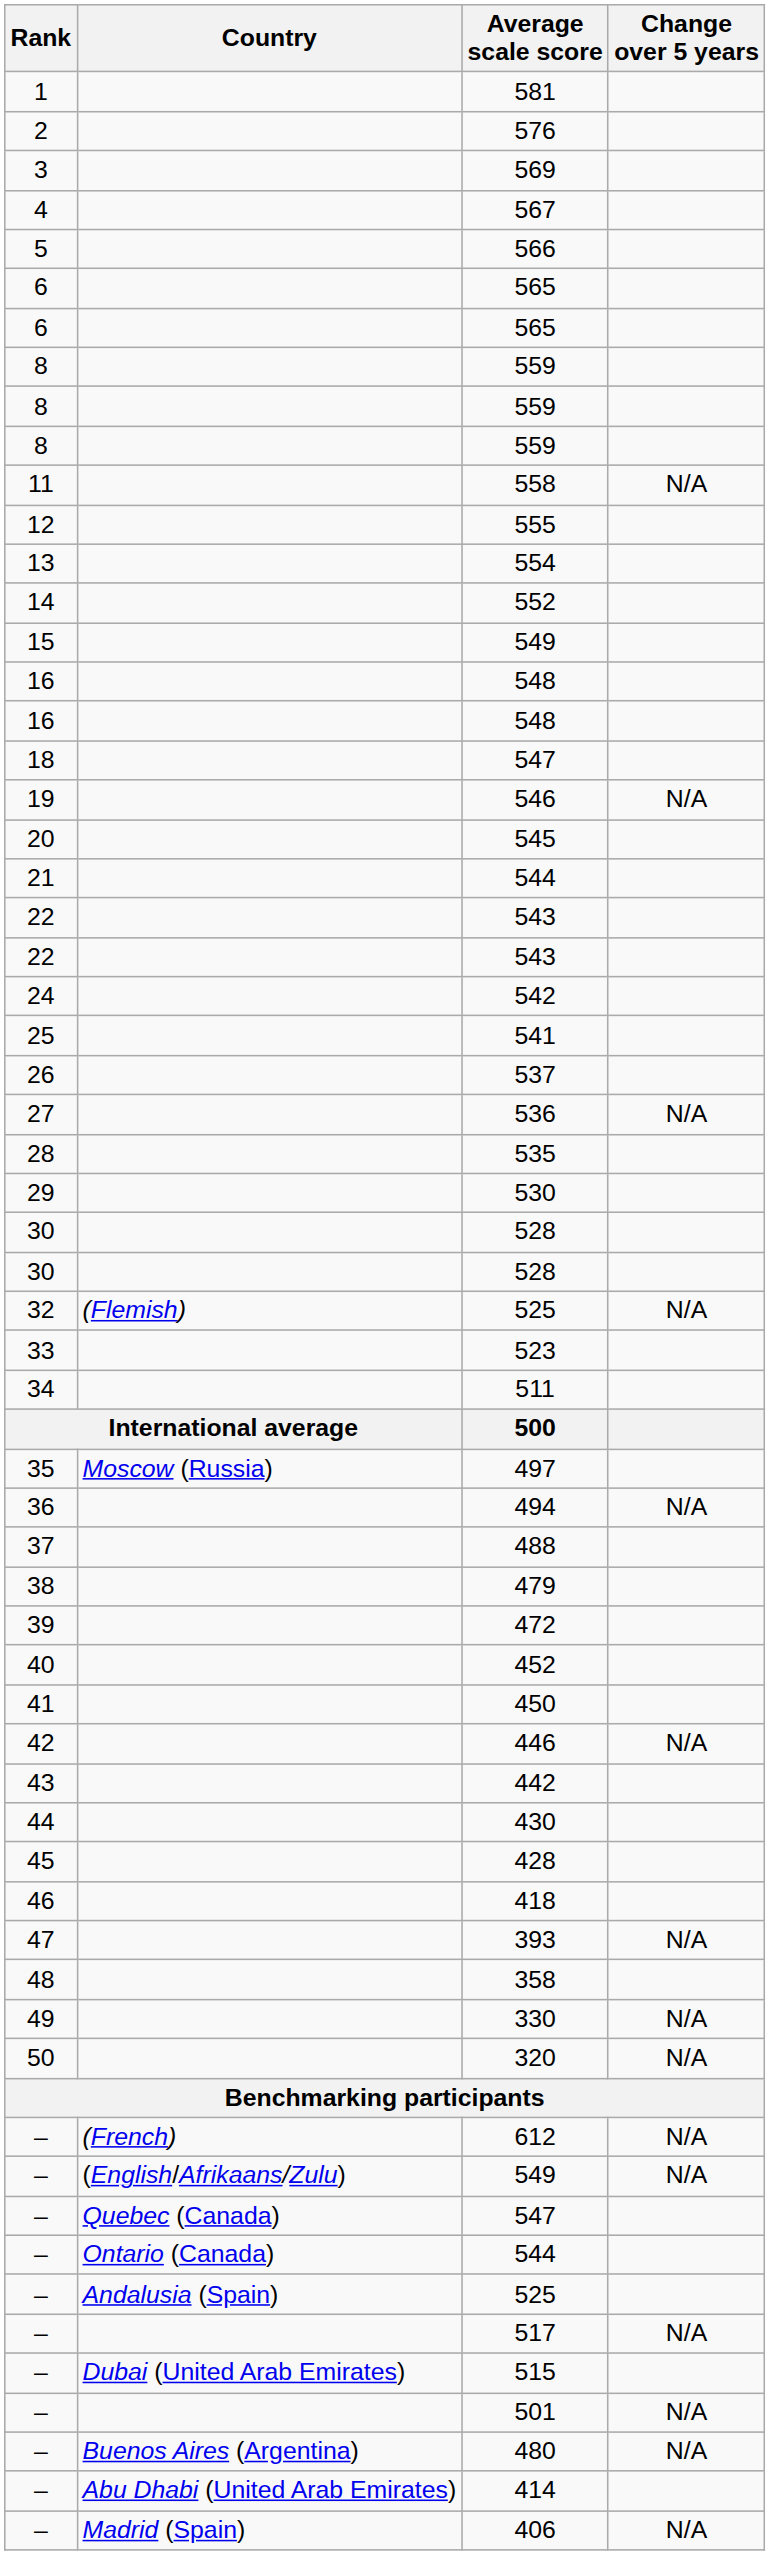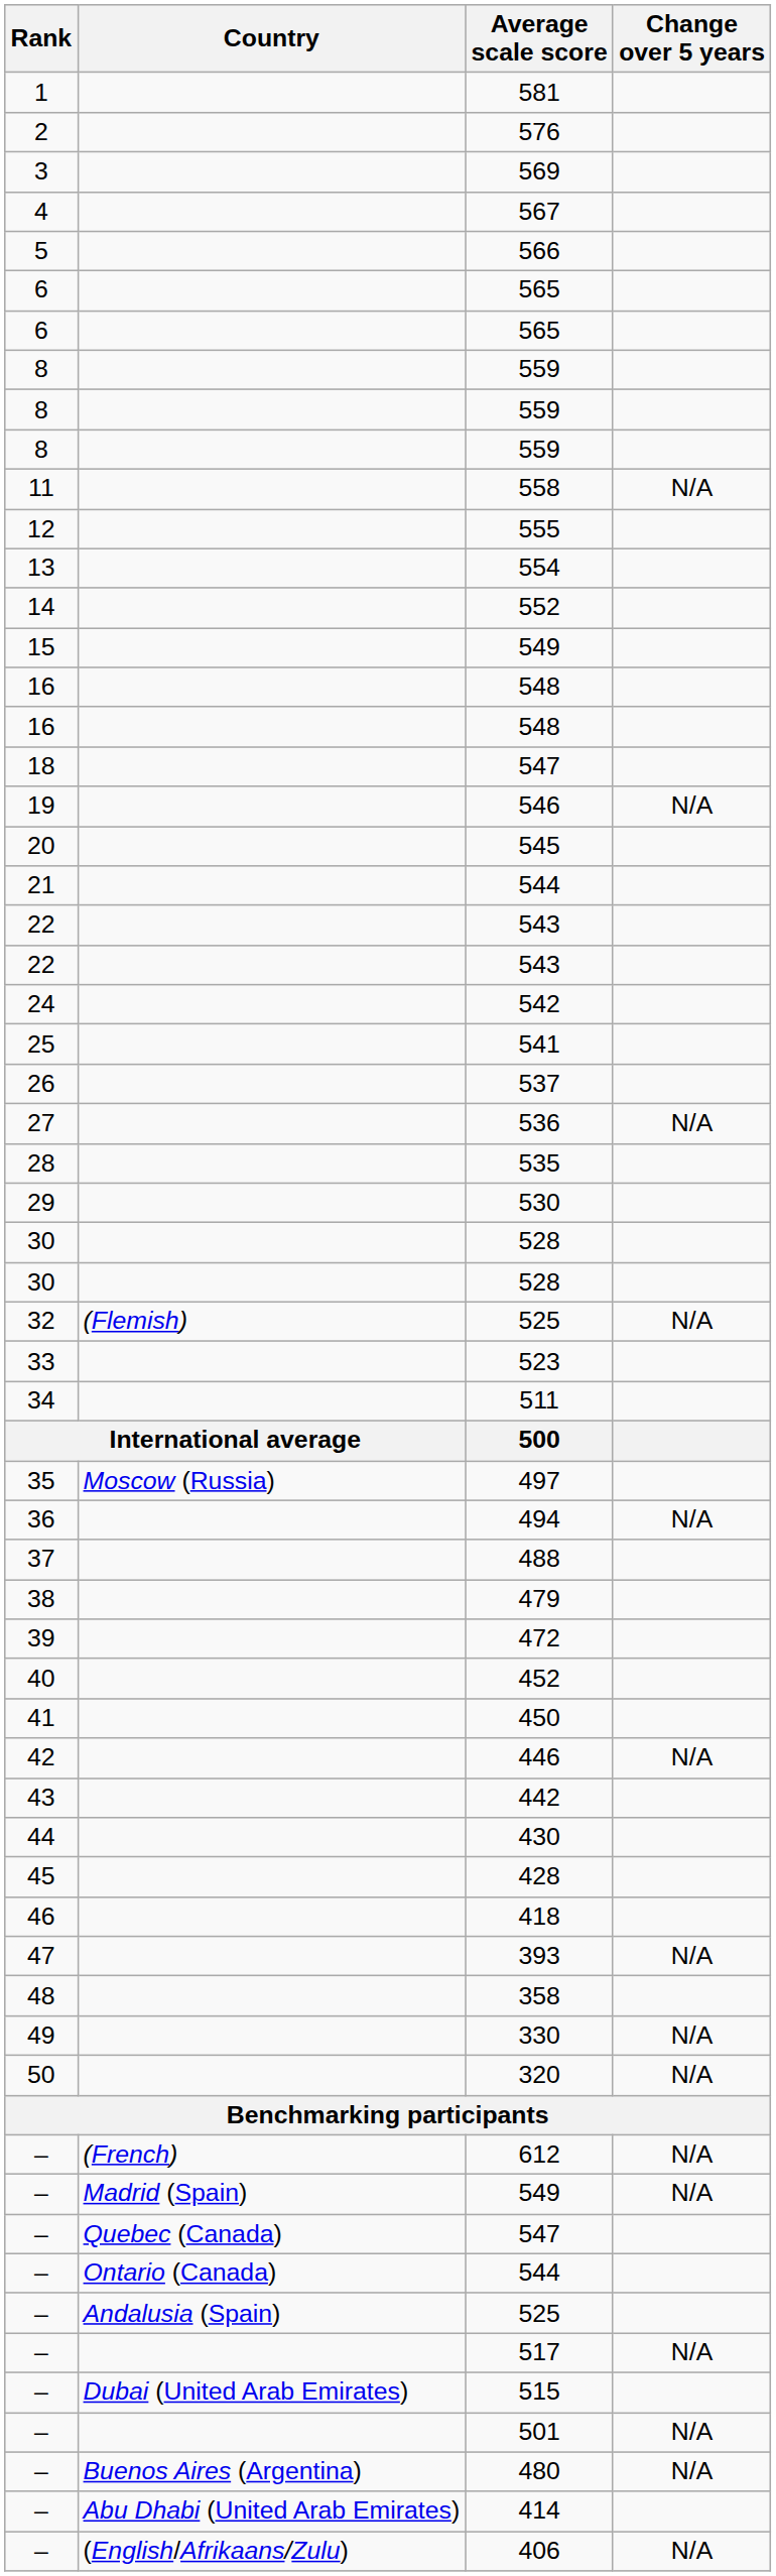 <table class="wikitable sortable" style="text-align:center;">
 <tr>
 <th>Rank</th>
 <th>Country</th>
 <th>Average<br>scale score</th>
 <th>Change<br>over 5 years</th>
 </tr>
 <tr>
 <td>1</td>
 <td style="text-align:left;"></td>
 <td>581</td>
 <td></td>
 </tr>
 <tr>
 <td>2</td>
 <td style="text-align:left;"></td>
 <td>576</td>
 <td></td>
 </tr>
 <tr>
 <td>3</td>
 <td style="text-align:left;"></td>
 <td>569</td>
 <td></td>
 </tr>
 <tr>
 <td>4</td>
 <td style="text-align:left;"></td>
 <td>567</td>
 <td></td>
 </tr>
 <tr>
 <td>5</td>
 <td style="text-align:left;"></td>
 <td>566</td>
 <td></td>
 </tr>
 <tr>
 <td>6</td>
 <td style="text-align:left;"></td>
 <td>565</td>
 <td></td>
 </tr>
 <tr>
 <td>6</td>
 <td style="text-align:left;"></td>
 <td>565</td>
 <td></td>
 </tr>
 <tr>
 <td>8</td>
 <td style="text-align:left;"></td>
 <td>559</td>
 <td></td>
 </tr>
 <tr>
 <td>8</td>
 <td style="text-align:left;"></td>
 <td>559</td>
 <td></td>
 </tr>
 <tr>
 <td>8</td>
 <td style="text-align:left;"></td>
 <td>559</td>
 <td></td>
 </tr>
 <tr>
 <td>11</td>
 <td style="text-align:left;"></td>
 <td>558</td>
 <td>N/A</td>
 </tr>
 <tr>
 <td>12</td>
 <td style="text-align:left;"></td>
 <td>555</td>
 <td></td>
 </tr>
 <tr>
 <td>13</td>
 <td style="text-align:left;"></td>
 <td>554</td>
 <td></td>
 </tr>
 <tr>
 <td>14</td>
 <td style="text-align:left;"></td>
 <td>552</td>
 <td></td>
 </tr>
 <tr>
 <td>15</td>
 <td style="text-align:left;"></td>
 <td>549</td>
 <td></td>
 </tr>
 <tr>
 <td>16</td>
 <td style="text-align:left;"></td>
 <td>548</td>
 <td></td>
 </tr>
 <tr>
 <td>16</td>
 <td style="text-align:left;"></td>
 <td>548</td>
 <td></td>
 </tr>
 <tr>
 <td>18</td>
 <td style="text-align:left;"></td>
 <td>547</td>
 <td></td>
 </tr>
 <tr>
 <td>19</td>
 <td style="text-align:left;"></td>
 <td>546</td>
 <td>N/A</td>
 </tr>
 <tr>
 <td>20</td>
 <td style="text-align:left;"></td>
 <td>545</td>
 <td></td>
 </tr>
 <tr>
 <td>21</td>
 <td style="text-align:left;"></td>
 <td>544</td>
 <td></td>
 </tr>
 <tr>
 <td>22</td>
 <td style="text-align:left;"></td>
 <td>543</td>
 <td></td>
 </tr>
 <tr>
 <td>22</td>
 <td style="text-align:left;"></td>
 <td>543</td>
 <td></td>
 </tr>
 <tr>
 <td>24</td>
 <td style="text-align:left;"></td>
 <td>542</td>
 <td></td>
 </tr>
 <tr>
 <td>25</td>
 <td style="text-align:left;"></td>
 <td>541</td>
 <td></td>
 </tr>
 <tr>
 <td>26</td>
 <td style="text-align:left;"></td>
 <td>537</td>
 <td></td>
 </tr>
 <tr>
 <td>27</td>
 <td style="text-align:left;"></td>
 <td>536</td>
 <td>N/A</td>
 </tr>
 <tr>
 <td>28</td>
 <td style="text-align:left;"></td>
 <td>535</td>
 <td></td>
 </tr>
 <tr>
 <td>29</td>
 <td style="text-align:left;"></td>
 <td>530</td>
 <td></td>
 </tr>
 <tr>
 <td>30</td>
 <td style="text-align:left;"></td>
 <td>528</td>
 <td></td>
 </tr>
 <tr>
 <td>30</td>
 <td style="text-align:left;"></td>
 <td>528</td>
 <td></td>
 </tr>
 <tr>
 <td>32</td>
 <td style="text-align:left;"> <em>(<a href='#'>Flemish</a>)</em></td>
 <td>525</td>
 <td>N/A</td>
 </tr>
 <tr>
 <td>33</td>
 <td style="text-align:left;"></td>
 <td>523</td>
 <td></td>
 </tr>
 <tr>
 <td>34</td>
 <td style="text-align:left;"></td>
 <td>511</td>
 <td></td>
 </tr>
 <tr>
 <th colspan="2">International average</th>
 <th>500</th>
 <th></th>
 </tr>
 <tr>
 <td>35</td>
 <td style="text-align:left;"> <em><a href='#'>Moscow</a></em> (<a href='#'>Russia</a>)</td>
 <td>497</td>
 <td></td>
 </tr>
 <tr>
 <td>36</td>
 <td style="text-align:left;"></td>
 <td>494</td>
 <td>N/A</td>
 </tr>
 <tr>
 <td>37</td>
 <td style="text-align:left;"></td>
 <td>488</td>
 <td></td>
 </tr>
 <tr>
 <td>38</td>
 <td style="text-align:left;"></td>
 <td>479</td>
 <td></td>
 </tr>
 <tr>
 <td>39</td>
 <td style="text-align:left;"></td>
 <td>472</td>
 <td></td>
 </tr>
 <tr>
 <td>40</td>
 <td style="text-align:left;"></td>
 <td>452</td>
 <td></td>
 </tr>
 <tr>
 <td>41</td>
 <td style="text-align:left;"></td>
 <td>450</td>
 <td></td>
 </tr>
 <tr>
 <td>42</td>
 <td style="text-align:left;"></td>
 <td>446</td>
 <td>N/A</td>
 </tr>
 <tr>
 <td>43</td>
 <td style="text-align:left;"></td>
 <td>442</td>
 <td></td>
 </tr>
 <tr>
 <td>44</td>
 <td style="text-align:left;"></td>
 <td>430</td>
 <td></td>
 </tr>
 <tr>
 <td>45</td>
 <td style="text-align:left;"></td>
 <td>428</td>
 <td></td>
 </tr>
 <tr>
 <td>46</td>
 <td style="text-align:left;"></td>
 <td>418</td>
 <td></td>
 </tr>
 <tr>
 <td>47</td>
 <td style="text-align:left;"></td>
 <td>393</td>
 <td>N/A</td>
 </tr>
 <tr>
 <td>48</td>
 <td style="text-align:left;"></td>
 <td>358</td>
 <td></td>
 </tr>
 <tr>
 <td>49</td>
 <td style="text-align:left;"></td>
 <td>330</td>
 <td>N/A</td>
 </tr>
 <tr>
 <td>50</td>
 <td style="text-align:left;"></td>
 <td>320</td>
 <td>N/A</td>
 </tr>
 <tr>
 <th colspan="4">Benchmarking participants</th>
 </tr>
 <tr>
 <td>–</td>
 <td style="text-align:left;"> <em>(<a href='#'>French</a>)</em></td>
 <td>612</td>
 <td>N/A</td>
 </tr>
 <tr>
 <td>–</td>
-<td style="text-align:left;"> (<em><a href='#'>English</a></em>/<em><a href='#'>Afrikaans</a>/<a href='#'>Zulu</a></em>)</td>
+<td style="text-align:left;"> <em><a href='#'>Madrid</a></em> (<a href='#'>Spain</a>)</td>
 <td>549</td>
 <td>N/A</td>
 </tr>
 <tr>
 <td>–</td>
 <td style="text-align:left;"> <em><a href='#'>Quebec</a></em> (<a href='#'>Canada</a>)</td>
 <td>547</td>
 <td></td>
 </tr>
 <tr>
 <td>–</td>
 <td style="text-align:left;"> <em><a href='#'>Ontario</a></em> (<a href='#'>Canada</a>)</td>
 <td>544</td>
 <td></td>
 </tr>
 <tr>
 <td>–</td>
 <td style="text-align:left;"> <em><a href='#'>Andalusia</a></em> (<a href='#'>Spain</a>)</td>
 <td>525</td>
 <td></td>
 </tr>
 <tr>
 <td>–</td>
 <td style="text-align:left;"></td>
 <td>517</td>
 <td>N/A</td>
 </tr>
 <tr>
 <td>–</td>
 <td style="text-align:left;"> <em><a href='#'>Dubai</a></em> (<a href='#'>United Arab Emirates</a>)</td>
 <td>515</td>
 <td></td>
 </tr>
 <tr>
 <td>–</td>
 <td style="text-align:left;"></td>
 <td>501</td>
 <td>N/A</td>
 </tr>
 <tr>
 <td>–</td>
 <td style="text-align:left;"> <em><a href='#'>Buenos Aires</a></em> (<a href='#'>Argentina</a>)</td>
 <td>480</td>
 <td>N/A</td>
 </tr>
 <tr>
 <td>–</td>
 <td style="text-align:left;"> <em><a href='#'>Abu Dhabi</a></em> (<a href='#'>United Arab Emirates</a>)</td>
 <td>414</td>
 <td></td>
 </tr>
 <tr>
 <td>–</td>
-<td style="text-align:left;"> <em><a href='#'>Madrid</a></em> (<a href='#'>Spain</a>)</td>
+<td style="text-align:left;"> (<em><a href='#'>English</a></em>/<em><a href='#'>Afrikaans</a>/<a href='#'>Zulu</a></em>)</td>
 <td>406</td>
 <td>N/A</td>
 </tr>
 </table>
